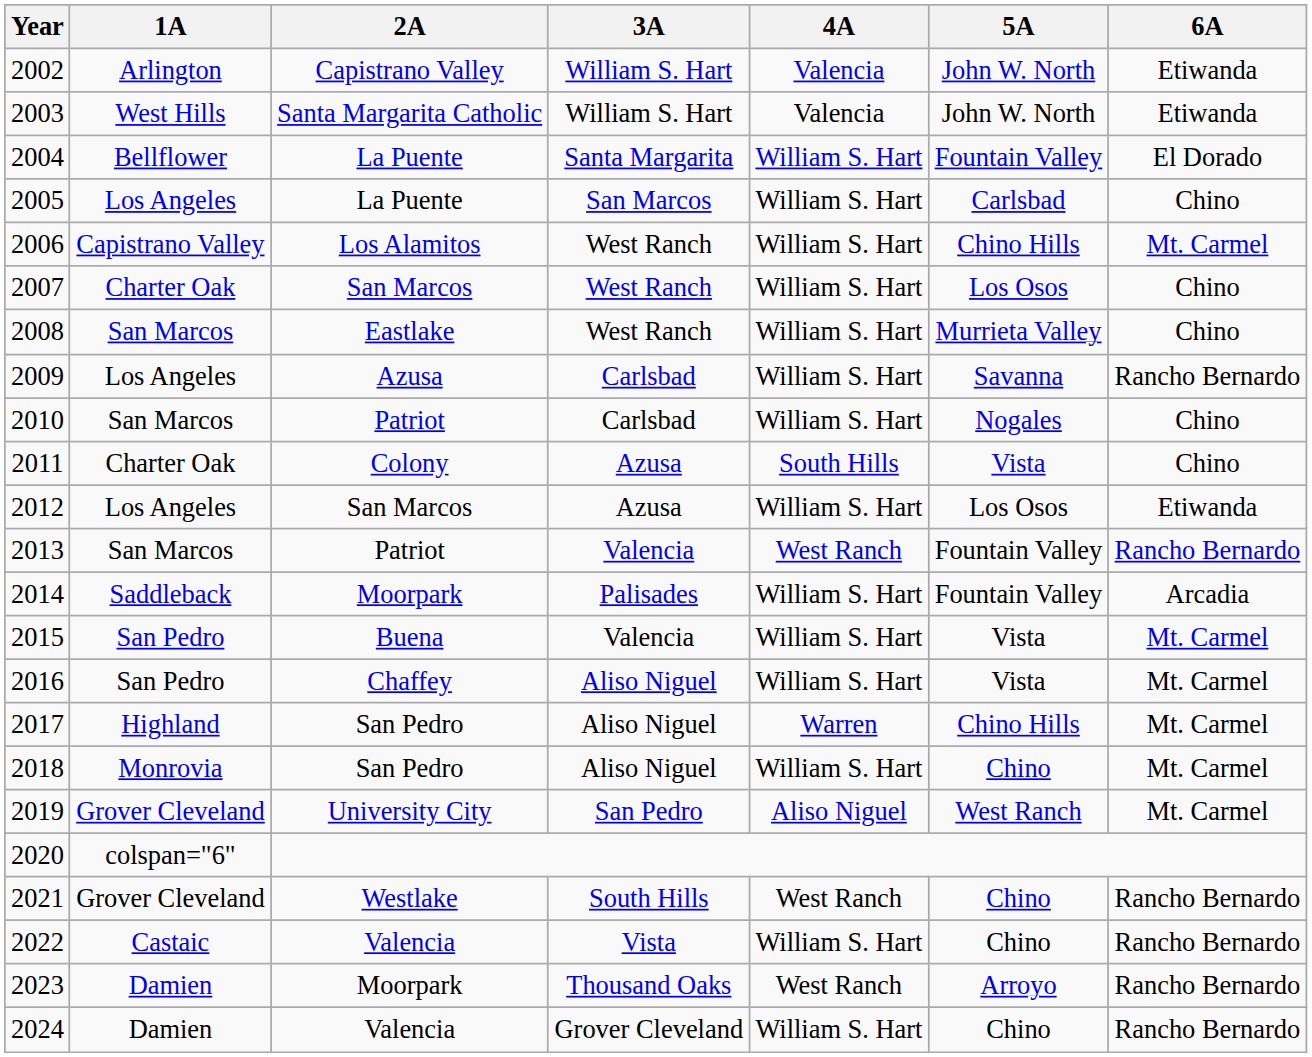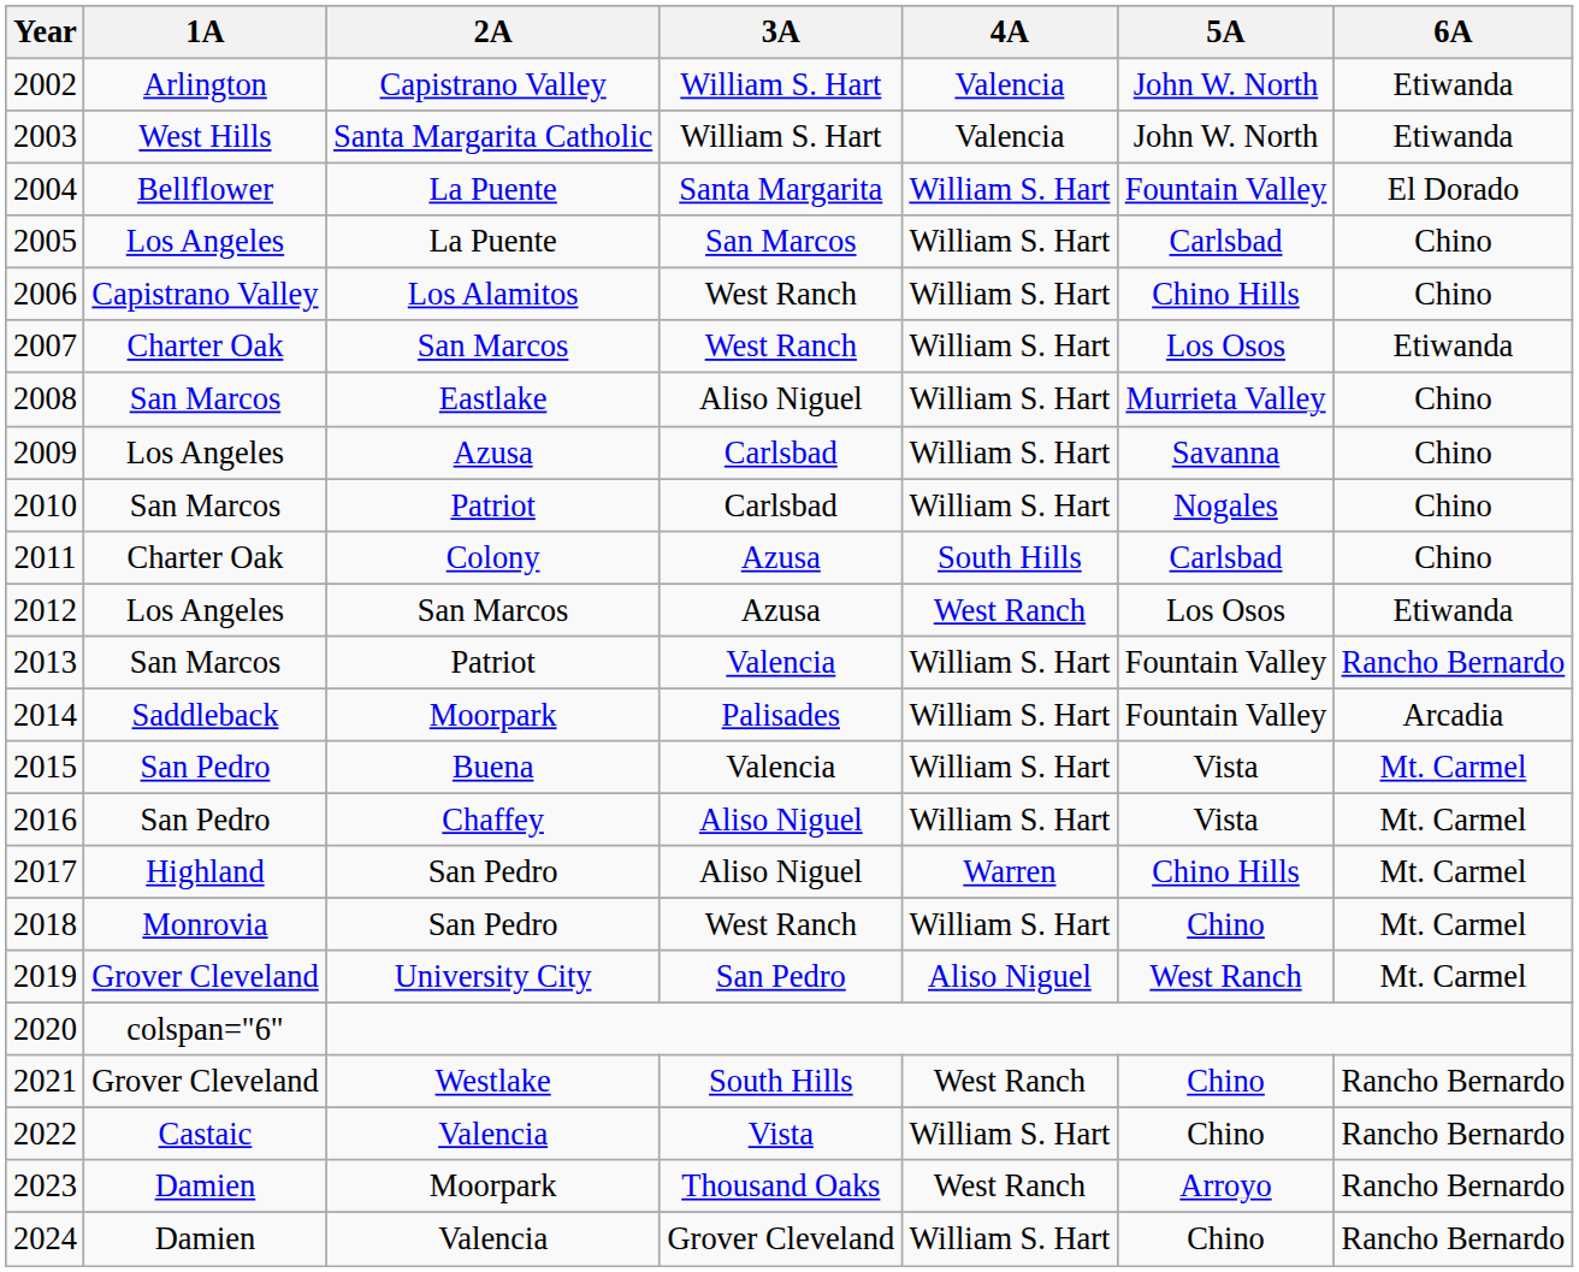 <table class="wikitable" style="font-size: 95%; text-align: center;">
 <tr>
 <th>Year</th>
 <th>1A</th>
 <th>2A</th>
 <th>3A</th>
 <th>4A</th>
 <th>5A</th>
 <th>6A</th>
 </tr>
 <tr>
 <td>2002</td>
 <td><a href='#'>Arlington</a></td>
 <td><a href='#'>Capistrano Valley</a></td>
 <td><a href='#'>William S. Hart</a></td>
 <td><a href='#'>Valencia</a></td>
 <td><a href='#'>John W. North</a></td>
 <td>Etiwanda</td>
 </tr>
 <tr>
 <td>2003</td>
 <td><a href='#'>West Hills</a></td>
 <td><a href='#'>Santa Margarita Catholic</a></td>
 <td>William S. Hart</td>
 <td>Valencia</td>
 <td>John W. North</td>
 <td>Etiwanda</td>
 </tr>
 <tr>
 <td>2004</td>
 <td><a href='#'>Bellflower</a></td>
 <td><a href='#'>La Puente</a></td>
 <td><a href='#'>Santa Margarita</a></td>
 <td><a href='#'>William S. Hart</a></td>
 <td><a href='#'>Fountain Valley</a></td>
 <td>El Dorado</td>
 </tr>
 <tr>
 <td>2005</td>
 <td><a href='#'>Los Angeles</a></td>
 <td>La Puente</td>
 <td><a href='#'>San Marcos</a></td>
 <td>William S. Hart</td>
 <td><a href='#'>Carlsbad</a></td>
 <td>Chino</td>
 </tr>
 <tr>
 <td>2006</td>
 <td><a href='#'>Capistrano Valley</a></td>
 <td><a href='#'>Los Alamitos</a></td>
 <td>West Ranch</td>
 <td>William S. Hart</td>
 <td><a href='#'>Chino Hills</a></td>
-<td><a href='#'>Mt. Carmel</a></td>
+<td>Chino</td>
 </tr>
 <tr>
 <td>2007</td>
 <td><a href='#'>Charter Oak</a></td>
 <td><a href='#'>San Marcos</a></td>
 <td><a href='#'>West Ranch</a></td>
 <td>William S. Hart</td>
 <td><a href='#'>Los Osos</a></td>
-<td>Chino</td>
+<td>Etiwanda</td>
 </tr>
 <tr>
 <td>2008</td>
 <td><a href='#'>San Marcos</a></td>
 <td><a href='#'>Eastlake</a></td>
-<td>West Ranch</td>
+<td>Aliso Niguel</td>
 <td>William S. Hart</td>
 <td><a href='#'>Murrieta Valley</a></td>
 <td>Chino</td>
 </tr>
 <tr>
 <td>2009</td>
 <td>Los Angeles</td>
 <td><a href='#'>Azusa</a></td>
 <td><a href='#'>Carlsbad</a></td>
 <td>William S. Hart</td>
 <td><a href='#'>Savanna</a></td>
-<td>Rancho Bernardo</td>
+<td>Chino</td>
 </tr>
 <tr>
 <td>2010</td>
 <td>San Marcos</td>
 <td><a href='#'>Patriot</a></td>
 <td>Carlsbad</td>
 <td>William S. Hart</td>
 <td><a href='#'>Nogales</a></td>
 <td>Chino</td>
 </tr>
 <tr>
 <td>2011</td>
 <td>Charter Oak</td>
 <td><a href='#'>Colony</a></td>
 <td><a href='#'>Azusa</a></td>
 <td><a href='#'>South Hills</a></td>
-<td><a href='#'>Vista</a></td>
+<td><a href='#'>Carlsbad</a></td>
 <td>Chino</td>
 </tr>
 <tr>
 <td>2012</td>
 <td>Los Angeles</td>
 <td>San Marcos</td>
 <td>Azusa</td>
-<td>William S. Hart</td>
+<td><a href='#'>West Ranch</a></td>
 <td>Los Osos</td>
 <td>Etiwanda</td>
 </tr>
 <tr>
 <td>2013</td>
 <td>San Marcos</td>
 <td>Patriot</td>
 <td><a href='#'>Valencia</a></td>
-<td><a href='#'>West Ranch</a></td>
+<td>William S. Hart</td>
 <td>Fountain Valley</td>
 <td><a href='#'>Rancho Bernardo</a></td>
 </tr>
 <tr>
 <td>2014</td>
 <td><a href='#'>Saddleback</a></td>
 <td><a href='#'>Moorpark</a></td>
 <td><a href='#'>Palisades</a></td>
 <td>William S. Hart</td>
 <td>Fountain Valley</td>
 <td>Arcadia</td>
 </tr>
 <tr>
 <td>2015</td>
 <td><a href='#'>San Pedro</a></td>
 <td><a href='#'>Buena</a></td>
 <td>Valencia</td>
 <td>William S. Hart</td>
 <td>Vista</td>
 <td><a href='#'>Mt. Carmel</a></td>
 </tr>
 <tr>
 <td>2016</td>
 <td>San Pedro</td>
 <td><a href='#'>Chaffey</a></td>
 <td><a href='#'>Aliso Niguel</a></td>
 <td>William S. Hart</td>
 <td>Vista</td>
 <td>Mt. Carmel</td>
 </tr>
 <tr>
 <td>2017</td>
 <td><a href='#'>Highland</a></td>
 <td>San Pedro</td>
 <td>Aliso Niguel</td>
 <td><a href='#'>Warren</a></td>
 <td><a href='#'>Chino Hills</a></td>
 <td>Mt. Carmel</td>
 </tr>
 <tr>
 <td>2018</td>
 <td><a href='#'>Monrovia</a></td>
 <td>San Pedro</td>
-<td>Aliso Niguel</td>
+<td>West Ranch</td>
 <td>William S. Hart</td>
 <td><a href='#'>Chino</a></td>
 <td>Mt. Carmel</td>
 </tr>
 <tr>
 <td>2019</td>
 <td><a href='#'>Grover Cleveland</a></td>
 <td><a href='#'>University City</a></td>
 <td><a href='#'>San Pedro</a></td>
 <td><a href='#'>Aliso Niguel</a></td>
 <td><a href='#'>West Ranch</a></td>
 <td>Mt. Carmel</td>
 </tr>
 <tr>
 <td>2020</td>
 <td>colspan="6" </td>
 </tr>
 <tr>
 <td>2021</td>
 <td>Grover Cleveland</td>
 <td><a href='#'>Westlake</a></td>
 <td><a href='#'>South Hills</a></td>
 <td>West Ranch</td>
 <td><a href='#'>Chino</a></td>
 <td>Rancho Bernardo</td>
 </tr>
 <tr>
 <td>2022</td>
 <td><a href='#'>Castaic</a></td>
 <td><a href='#'>Valencia</a></td>
 <td><a href='#'>Vista</a></td>
 <td>William S. Hart</td>
 <td>Chino</td>
 <td>Rancho Bernardo</td>
 </tr>
 <tr>
 <td>2023</td>
 <td><a href='#'>Damien</a></td>
 <td>Moorpark</td>
 <td><a href='#'>Thousand Oaks</a></td>
 <td>West Ranch</td>
 <td><a href='#'>Arroyo</a></td>
 <td>Rancho Bernardo</td>
 </tr>
 <tr>
 <td>2024</td>
 <td>Damien</td>
 <td>Valencia</td>
 <td>Grover Cleveland</td>
 <td>William S. Hart</td>
 <td>Chino</td>
 <td>Rancho Bernardo</td>
 </tr>
 </table>
